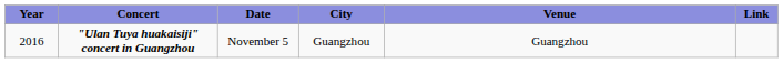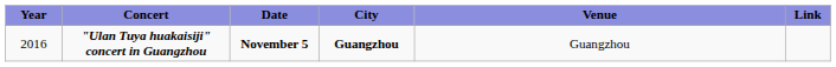 <table class="wikitable sortable mw-collapsible" width="80%" style="text-align:center">
 <tr align="center" style="background:#8B8EDE">
 <td style="width:2%"><strong>Year</strong></td>
 <td style="width:8%"><strong>Concert</strong></td>
 <td style="width:2%"><strong>Date</strong></td>
 <td style="width:2%"><strong>City</strong></td>
 <td style="width:18%"><strong>Venue</strong></td>
 <td style="width:1%"><strong>Link</strong></td>
 </tr>
 <tr>
 <td rowspan="2">2016</td>
 <td rowspan="2"><strong><em>"Ulan Tuya huakaisiji" concert in Guangzhou</em></strong></td>
-<td>November 5</td>
-<td>Guangzhou</td>
+<td><strong>November 5</strong></td>
+<td><strong>Guangzhou</strong></td>
 <td>Guangzhou</td>
 <td></td>
 </tr>
 </table>
